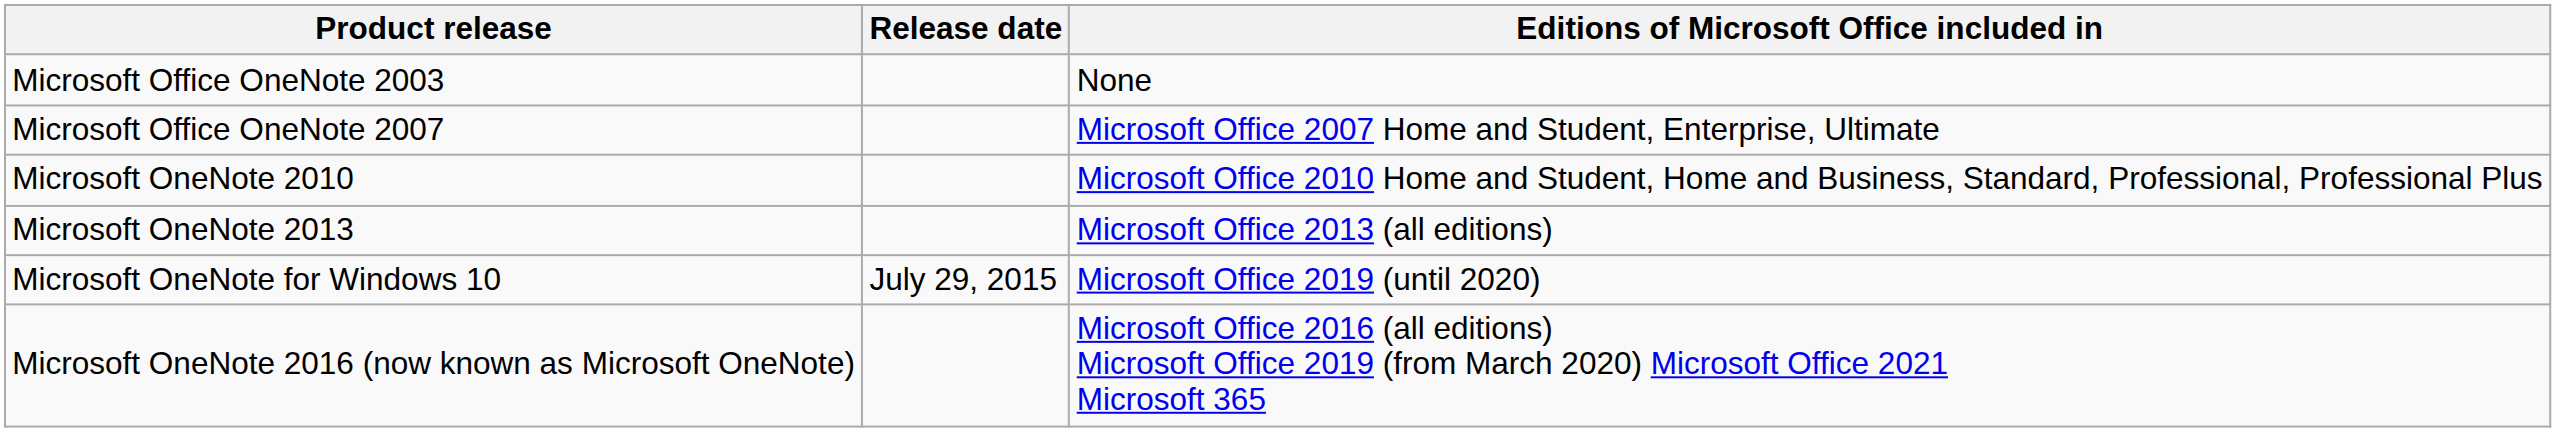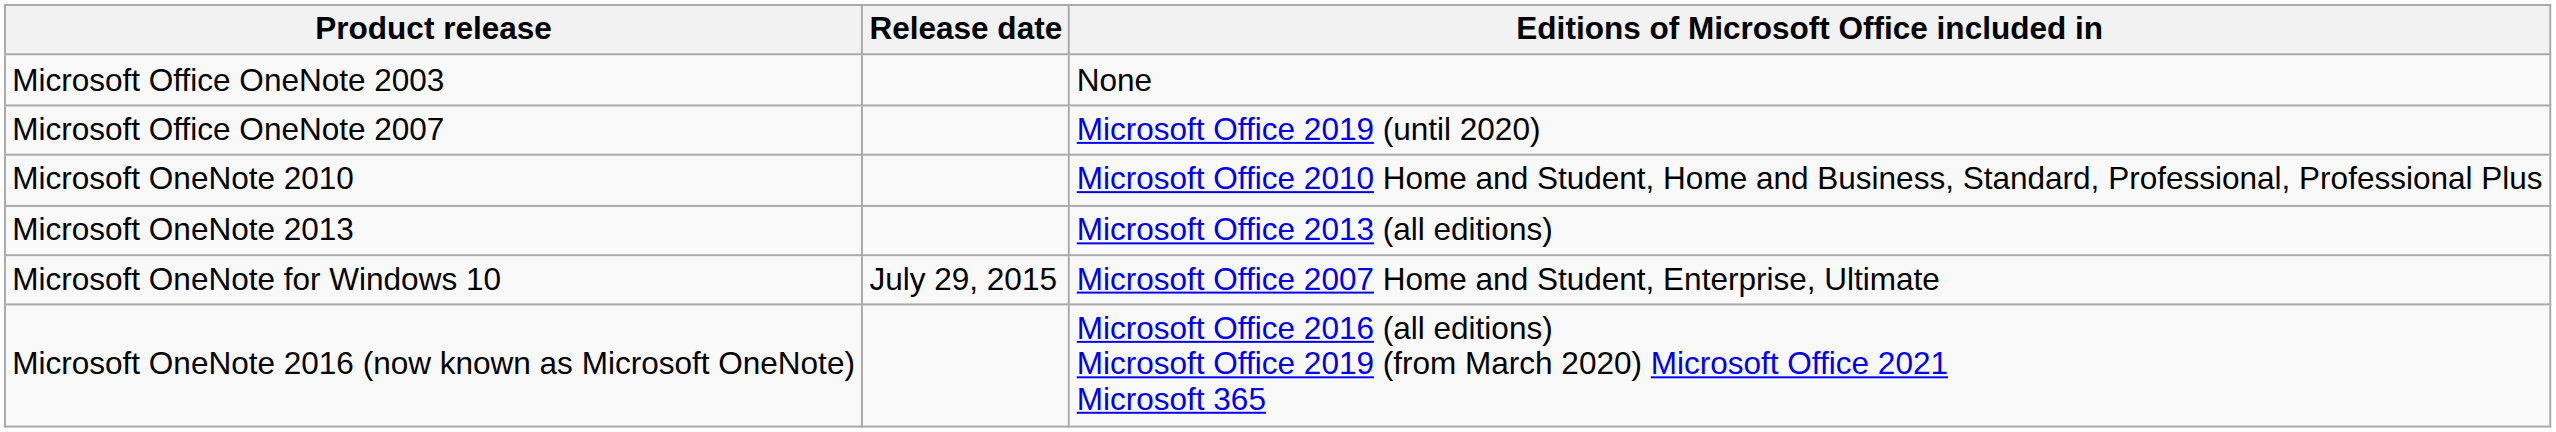 <table class="wikitable sortable">
 <tr>
 <th>Product release</th>
 <th>Release date</th>
 <th>Editions of Microsoft Office included in</th>
 </tr>
 <tr>
 <td>Microsoft Office OneNote 2003</td>
 <td></td>
 <td>None</td>
 </tr>
 <tr>
 <td>Microsoft Office OneNote 2007</td>
 <td></td>
-<td><a href='#'>Microsoft Office 2007</a> Home and Student, Enterprise, Ultimate</td>
+<td><a href='#'>Microsoft Office 2019</a> (until 2020)</td>
 </tr>
 <tr>
 <td>Microsoft OneNote 2010</td>
 <td></td>
 <td><a href='#'>Microsoft Office 2010</a> Home and Student, Home and Business, Standard, Professional, Professional Plus</td>
 </tr>
 <tr>
 <td>Microsoft OneNote 2013</td>
 <td></td>
 <td><a href='#'>Microsoft Office 2013</a> (all editions)</td>
 </tr>
 <tr>
 <td>Microsoft OneNote for Windows 10</td>
 <td>July 29, 2015</td>
-<td><a href='#'>Microsoft Office 2019</a> (until 2020)</td>
+<td><a href='#'>Microsoft Office 2007</a> Home and Student, Enterprise, Ultimate</td>
 </tr>
 <tr>
 <td>Microsoft OneNote 2016 (now known as Microsoft OneNote)</td>
 <td></td>
 <td><a href='#'>Microsoft Office 2016</a> (all editions)<br><a href='#'>Microsoft Office 2019</a> (from March 2020) <a href='#'>Microsoft Office 2021</a><br><a href='#'>Microsoft 365</a></td>
 </tr>
 </table>
